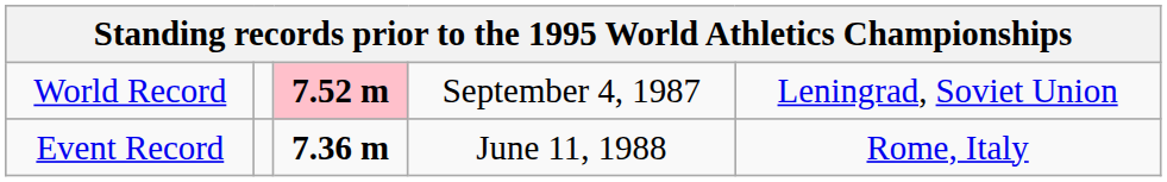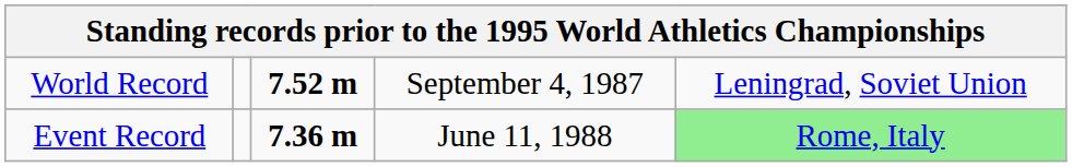 <table class="wikitable" style=" text-align:center; font-size:110%;" width="95%">
 <tr>
 <th colspan="5">Standing records prior to the 1995 World Athletics Championships</th>
 </tr>
 <tr>
 <td><a href='#'>World Record</a></td>
 <td></td>
-<td style="background: pink;"><strong>7.52 m </strong></td>
+<td><strong>7.52 m </strong></td>
 <td>September 4, 1987</td>
 <td> <a href='#'>Leningrad</a>, <a href='#'>Soviet Union</a></td>
 </tr>
 <tr>
 <td><a href='#'>Event Record</a></td>
 <td></td>
 <td><strong>7.36 m </strong></td>
 <td>June 11, 1988</td>
-<td> <a href='#'>Rome, Italy</a></td>
+<td style="background: lightgreen;"> <a href='#'>Rome, Italy</a></td>
 </tr>
 </table>
